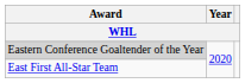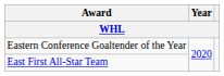 <table class="wikitable">
 <tr>
 <th>Award</th>
 <th>Year</th>
 <th></th>
 </tr>
 <tr>
 <th colspan="3"><a href='#'>WHL</a></th>
 </tr>
 <tr>
-<td style="background: lightgrey;">Eastern Conference Goaltender of the Year</td>
+<td>Eastern Conference Goaltender of the Year</td>
 <td rowspan="2"><a href='#'>2020</a></td>
 <td rowspan="2"></td>
 </tr>
 <tr>
 <td><a href='#'>East First All-Star Team</a></td>
 </tr>
 </table>
